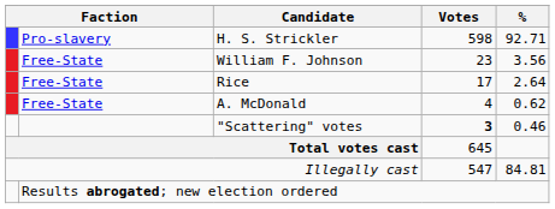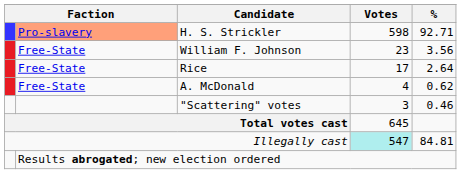 <table class="wikitable plainrowheaders" style="text-align:center;">
 <tr>
 </tr>
 <tr>
 <th scope="col" colspan="2" style="width: 15em">Faction</th>
 <th scope="col" style="width: 15em">Candidate</th>
 <th scope="col" style="width: 5em">Votes</th>
 <th scope="col" style="width: 3.5em">%</th>
 </tr>
 <tr>
 <td style="width: 0.5em; background-color:#3333FF"></td>
-<td style="text-align: left"><a href='#'>Pro-slavery</a></td>
+<td style="background: lightsalmon; text-align: left"><a href='#'>Pro-slavery</a></td>
 <td style="text-align: left">H. S. Strickler</td>
 <td style="text-align: right; margin-right: 0.5em">598</td>
 <td style="text-align: right; margin-right: 0.5em">92.71</td>
 </tr>
 <tr>
 <td style="width: 0.5em; background-color:#E81B23"></td>
 <td style="text-align: left"><a href='#'>Free-State</a></td>
 <td style="text-align: left">William F. Johnson</td>
 <td style="text-align: right; margin-right: 0.5em">23</td>
 <td style="text-align: right; margin-right: 0.5em">3.56</td>
 </tr>
 <tr>
 <td style="width: 0.5em; background-color:#E81B23"></td>
 <td style="text-align: left"><a href='#'>Free-State</a></td>
 <td style="text-align: left"> Rice</td>
 <td style="text-align: right; margin-right: 0.5em">17</td>
 <td style="text-align: right; margin-right: 0.5em">2.64</td>
 </tr>
 <tr>
 <td style="width: 0.5em; background-color:#E81B23"></td>
 <td style="text-align: left"><a href='#'>Free-State</a></td>
 <td style="text-align: left">A. McDonald</td>
 <td style="text-align: right; margin-right: 0.5em">4</td>
 <td style="text-align: right; margin-right: 0.5em">0.62</td>
 </tr>
 <tr>
 <td style="width: 0.5em"></td>
 <td style="text-align: left"></td>
 <td style="text-align: left">"Scattering" votes</td>
-<td style="text-align: right; margin-right: 0.5em"><strong>3</strong></td>
+<td style="text-align: right; margin-right: 0.5em">3</td>
 <td style="text-align: right; margin-right: 0.5em">0.46</td>
 </tr>
 <tr>
 <th colspan="3" style="text-align:right;">Total votes cast</th>
 <td style="text-align:right;">645</td>
 <td style="text-align:right;"></td>
 </tr>
 <tr>
 <td colspan="3" style="text-align:right;"><em>Illegally cast</em></td>
-<td style="text-align:right;">547</td>
+<td style="background: paleturquoise; text-align:right;">547</td>
 <td style="text-align:right;">84.81</td>
 </tr>
 <tr>
 <td style="width: 0.5em;"></td>
 <td colspan="4" style="text-align:left;">Results <strong>abrogated</strong>; new election ordered</td>
 </tr>
 </table>
